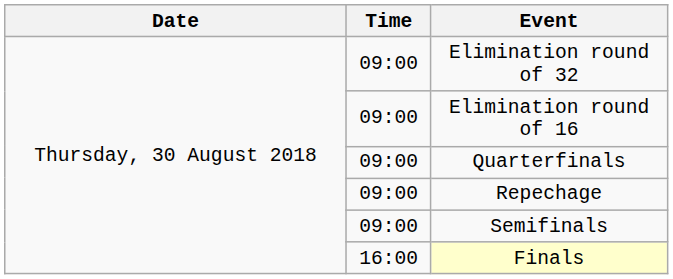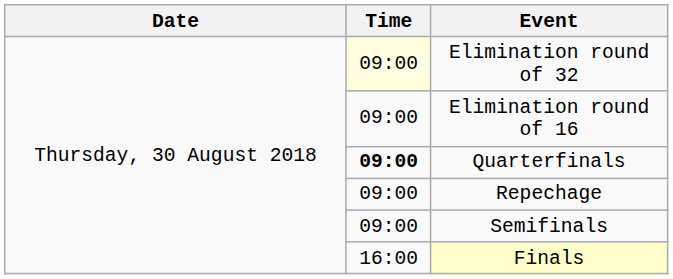 <table class = "wikitable" style="text-align:center;">
 <tr>
 <th width=220>Date</th>
 <th width=50>Time</th>
 <th width=150>Event</th>
 </tr>
 <tr>
 <td rowspan=6>Thursday, 30 August 2018</td>
-<td>09:00</td>
+<td style="background: lightyellow;">09:00</td>
 <td>Elimination round of 32</td>
 </tr>
 <tr>
 <td>09:00</td>
 <td>Elimination round of 16</td>
 </tr>
 <tr>
-<td>09:00</td>
+<td><strong>09:00</strong></td>
 <td>Quarterfinals</td>
 </tr>
 <tr>
 <td>09:00</td>
 <td>Repechage</td>
 </tr>
 <tr>
 <td>09:00</td>
 <td>Semifinals</td>
 </tr>
 <tr>
 <td>16:00</td>
 <td bgcolor=ffffcc>Finals</td>
 </tr>
 </table>
